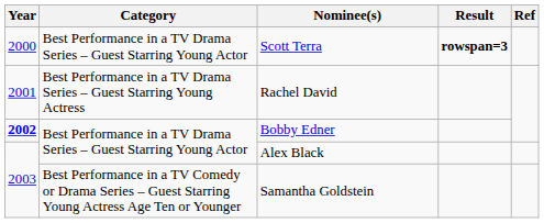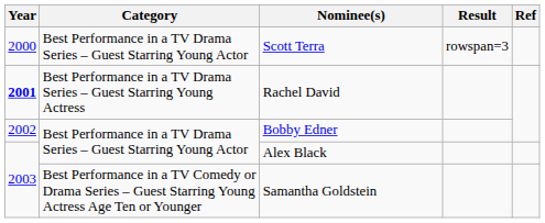 <table class="wikitable">
 <tr>
 <th>Year</th>
 <th width=470>Category</th>
 <th width=375>Nominee(s)</th>
 <th width=65>Result</th>
 <th>Ref</th>
 </tr>
 <tr>
 <td><a href='#'>2000</a></td>
 <td>Best Performance in a TV Drama Series – Guest Starring Young Actor</td>
 <td><a href='#'>Scott Terra</a></td>
-<td><strong>rowspan=3 </strong></td>
+<td>rowspan=3 </td>
 <td></td>
 </tr>
 <tr>
-<td><a href='#'>2001</a></td>
+<td><strong><a href='#'>2001</a></strong></td>
 <td>Best Performance in a TV Drama Series – Guest Starring Young Actress</td>
 <td>Rachel David</td>
 <td></td>
 </tr>
 <tr>
-<td><strong><a href='#'>2002</a></strong></td>
+<td><a href='#'>2002</a></td>
 <td rowspan=2>Best Performance in a TV Drama Series – Guest Starring Young Actor</td>
 <td><a href='#'>Bobby Edner</a></td>
 <td></td>
 </tr>
 <tr>
 <td rowspan=2><a href='#'>2003</a></td>
 <td>Alex Black</td>
 <td></td>
 <td></td>
 </tr>
 <tr>
 <td>Best Performance in a TV Comedy or Drama Series – Guest Starring Young Actress Age Ten or Younger</td>
 <td>Samantha Goldstein</td>
 <td></td>
 <td></td>
 </tr>
 </table>
